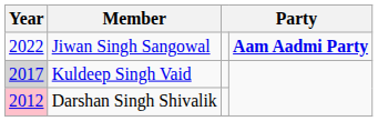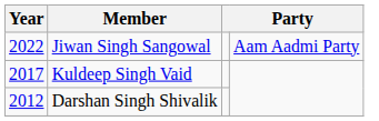 <table class="wikitable sortable">
 <tr>
 <th>Year</th>
 <th>Member</th>
 <th colspan="2">Party</th>
 </tr>
 <tr>
 <td><a href='#'>2022</a></td>
 <td><a href='#'>Jiwan Singh Sangowal</a></td>
 <td></td>
-<td><strong><a href='#'>Aam Aadmi Party</a></strong></td>
+<td><a href='#'>Aam Aadmi Party</a></td>
 </tr>
 <tr>
-<td style="background: lightgrey;"><a href='#'>2017</a></td>
+<td><a href='#'>2017</a></td>
 <td><a href='#'>Kuldeep Singh Vaid</a></td>
 <td></td>
 </tr>
 <tr>
-<td style="background: pink;"><a href='#'>2012</a></td>
+<td><a href='#'>2012</a></td>
 <td>Darshan Singh Shivalik</td>
 <td></td>
 </tr>
 <tr>
 </tr>
 </table>
